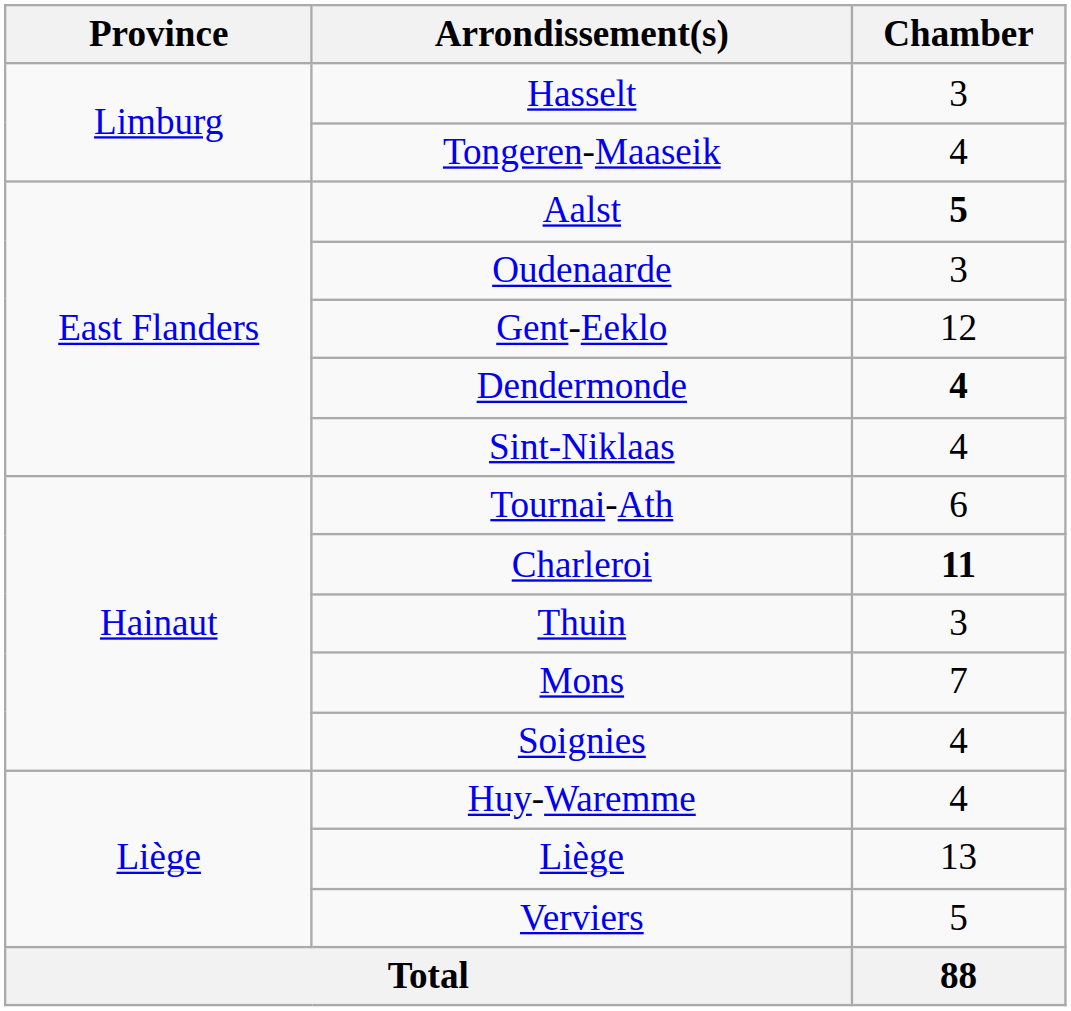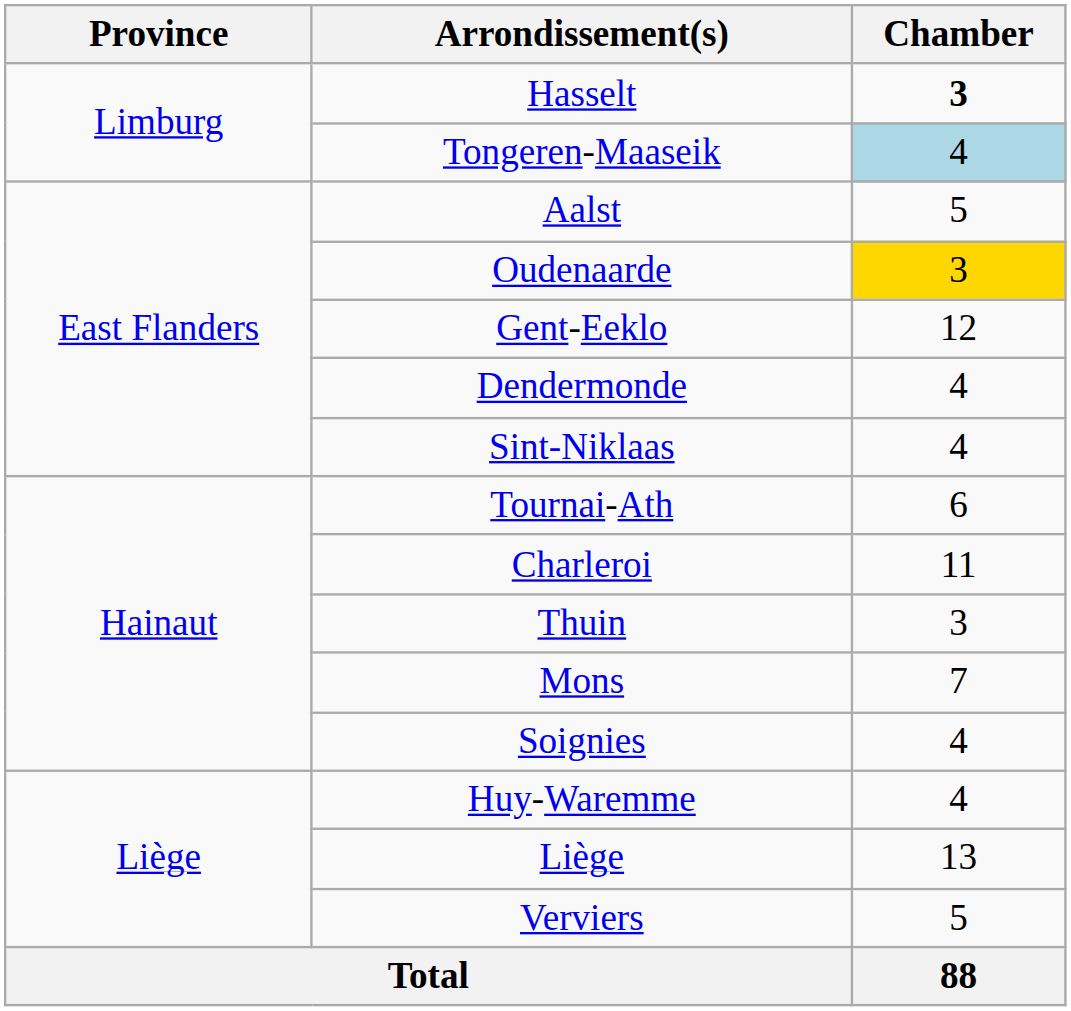 <table class="wikitable" style="text-align:center;">
 <tr>
 <th style="width:125px;">Province</th>
 <th style="width:225px;">Arrondissement(s)</th>
 <th style="width:85px;">Chamber</th>
 </tr>
 <tr>
 <td rowspan="2"><a href='#'>Limburg</a></td>
 <td><a href='#'>Hasselt</a></td>
-<td>3</td>
+<td><strong>3</strong></td>
 </tr>
 <tr>
 <td><a href='#'>Tongeren</a>-<a href='#'>Maaseik</a></td>
-<td>4</td>
+<td style="background: lightblue;">4</td>
 </tr>
 <tr>
 <td rowspan="5"><a href='#'>East Flanders</a></td>
 <td><a href='#'>Aalst</a></td>
-<td><strong>5</strong></td>
+<td>5</td>
 </tr>
 <tr>
 <td><a href='#'>Oudenaarde</a></td>
-<td>3</td>
+<td style="background: gold;">3</td>
 </tr>
 <tr>
 <td><a href='#'>Gent</a>-<a href='#'>Eeklo</a></td>
 <td>12</td>
 </tr>
 <tr>
 <td><a href='#'>Dendermonde</a></td>
-<td><strong>4</strong></td>
+<td>4</td>
 </tr>
 <tr>
 <td><a href='#'>Sint-Niklaas</a></td>
 <td>4</td>
 </tr>
 <tr>
 <td rowspan="5"><a href='#'>Hainaut</a></td>
 <td><a href='#'>Tournai</a>-<a href='#'>Ath</a></td>
 <td>6</td>
 </tr>
 <tr>
 <td><a href='#'>Charleroi</a></td>
-<td><strong>11</strong></td>
+<td>11</td>
 </tr>
 <tr>
 <td><a href='#'>Thuin</a></td>
 <td>3</td>
 </tr>
 <tr>
 <td><a href='#'>Mons</a></td>
 <td>7</td>
 </tr>
 <tr>
 <td><a href='#'>Soignies</a></td>
 <td>4</td>
 </tr>
 <tr>
 <td rowspan="3"><a href='#'>Liège</a></td>
 <td><a href='#'>Huy</a>-<a href='#'>Waremme</a></td>
 <td>4</td>
 </tr>
 <tr>
 <td><a href='#'>Liège</a></td>
 <td>13</td>
 </tr>
 <tr>
 <td><a href='#'>Verviers</a></td>
 <td>5</td>
 </tr>
 <tr>
 <th colspan="2">Total</th>
 <th>88</th>
 </tr>
 </table>
